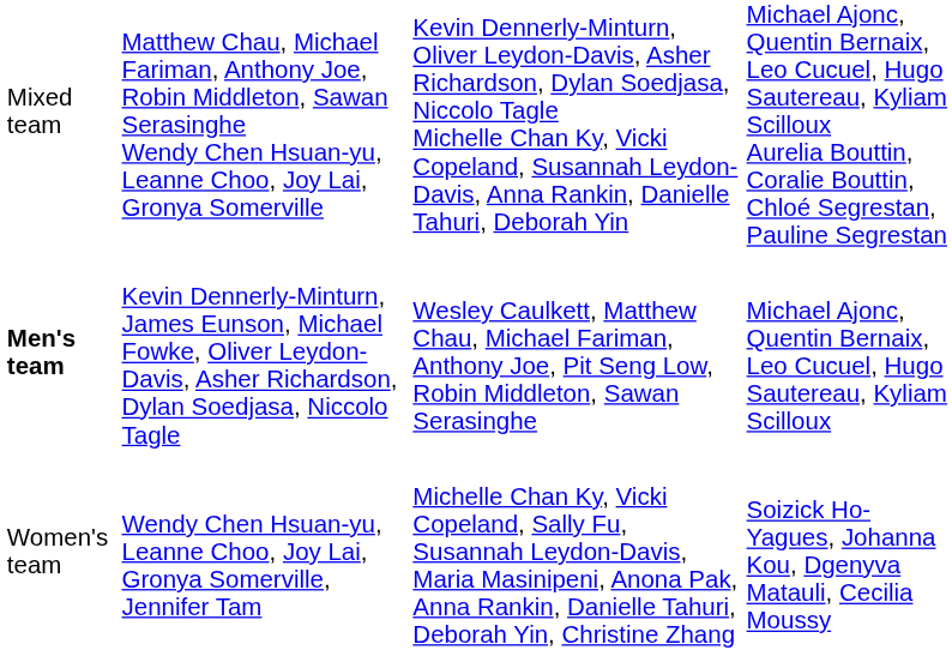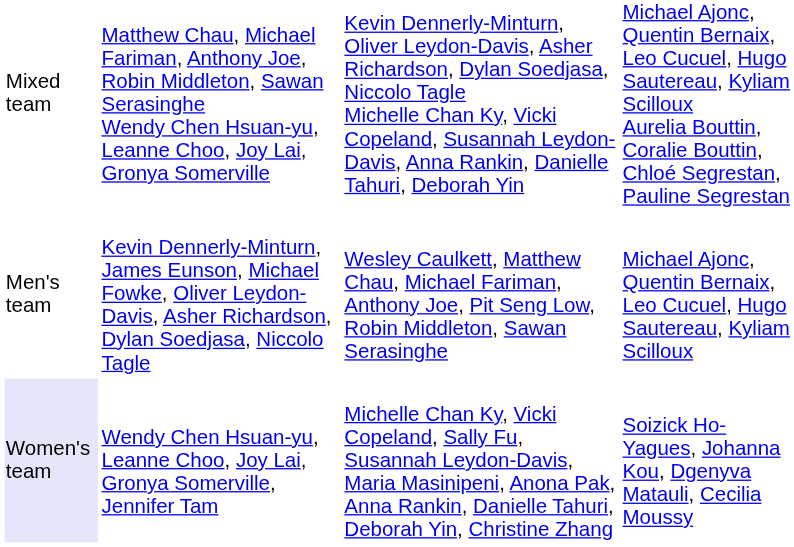 <table>
 <tr>
 <td>Mixed team</td>
 <td><br><a href='#'>Matthew Chau</a>, <a href='#'>Michael Fariman</a>, <a href='#'>Anthony Joe</a>, <a href='#'>Robin Middleton</a>, <a href='#'>Sawan Serasinghe</a><br> <a href='#'>Wendy Chen Hsuan-yu</a>, <a href='#'>Leanne Choo</a>, <a href='#'>Joy Lai</a>, <a href='#'>Gronya Somerville</a></td>
 <td><br><a href='#'>Kevin Dennerly-Minturn</a>, <a href='#'>Oliver Leydon-Davis</a>, <a href='#'>Asher Richardson</a>, <a href='#'>Dylan Soedjasa</a>, <a href='#'>Niccolo Tagle</a><br><a href='#'>Michelle Chan Ky</a>, <a href='#'>Vicki Copeland</a>, <a href='#'>Susannah Leydon-Davis</a>, <a href='#'>Anna Rankin</a>, <a href='#'>Danielle Tahuri</a>, <a href='#'>Deborah Yin</a></td>
 <td><br><a href='#'>Michael Ajonc</a>, <a href='#'>Quentin Bernaix</a>, <a href='#'>Leo Cucuel</a>, <a href='#'>Hugo Sautereau</a>, <a href='#'>Kyliam Scilloux</a><br><a href='#'>Aurelia Bouttin</a>, <a href='#'>Coralie Bouttin</a>, <a href='#'>Chloé Segrestan</a>, <a href='#'>Pauline Segrestan</a></td>
 </tr>
 <tr>
-<td><strong>Men's team</strong></td>
+<td>Men's team</td>
 <td><br><a href='#'>Kevin Dennerly-Minturn</a>, <a href='#'>James Eunson</a>, <a href='#'>Michael Fowke</a>, <a href='#'>Oliver Leydon-Davis</a>, <a href='#'>Asher Richardson</a>, <a href='#'>Dylan Soedjasa</a>, <a href='#'>Niccolo Tagle</a></td>
 <td><br><a href='#'>Wesley Caulkett</a>, <a href='#'>Matthew Chau</a>, <a href='#'>Michael Fariman</a>, <a href='#'>Anthony Joe</a>, <a href='#'>Pit Seng Low</a>, <a href='#'>Robin Middleton</a>, <a href='#'>Sawan Serasinghe</a></td>
 <td><br><a href='#'>Michael Ajonc</a>, <a href='#'>Quentin Bernaix</a>, <a href='#'>Leo Cucuel</a>, <a href='#'>Hugo Sautereau</a>, <a href='#'>Kyliam Scilloux</a></td>
 </tr>
 <tr>
-<td>Women's team</td>
+<td style="background: lavender;">Women's team</td>
 <td><br><a href='#'>Wendy Chen Hsuan-yu</a>, <a href='#'>Leanne Choo</a>, <a href='#'>Joy Lai</a>, <a href='#'>Gronya Somerville</a>, <a href='#'>Jennifer Tam</a></td>
 <td><br><a href='#'>Michelle Chan Ky</a>, <a href='#'>Vicki Copeland</a>, <a href='#'>Sally Fu</a>, <a href='#'>Susannah Leydon-Davis</a>, <a href='#'>Maria Masinipeni</a>, <a href='#'>Anona Pak</a>, <a href='#'>Anna Rankin</a>, <a href='#'>Danielle Tahuri</a>, <a href='#'>Deborah Yin</a>, <a href='#'>Christine Zhang</a></td>
 <td><br><a href='#'>Soizick Ho-Yagues</a>, <a href='#'>Johanna Kou</a>, <a href='#'>Dgenyva Matauli</a>, <a href='#'>Cecilia Moussy</a></td>
 </tr>
 </table>
